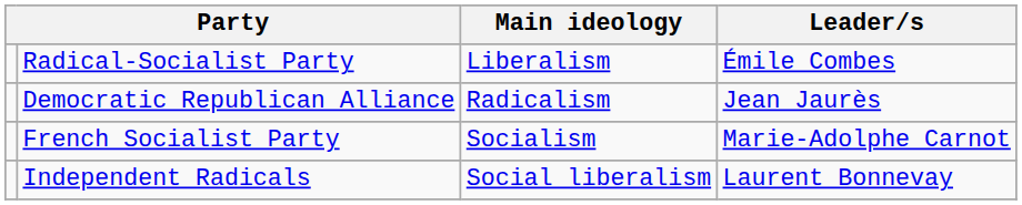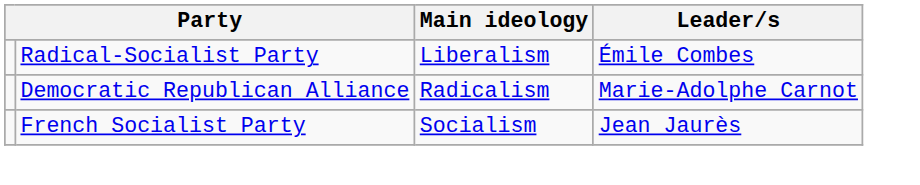 <table class="wikitable" style="font-size:95%">
 <tr>
 <th colspan=2>Party</th>
 <th>Main ideology</th>
 <th>Leader/s</th>
 </tr>
 <tr>
 <td></td>
 <td><a href='#'>Radical-Socialist Party</a></td>
 <td><a href='#'>Liberalism</a></td>
 <td><a href='#'>Émile Combes</a> </td>
 </tr>
 <tr>
 <td></td>
 <td><a href='#'>Democratic Republican Alliance</a></td>
 <td><a href='#'>Radicalism</a></td>
-<td><a href='#'>Jean Jaurès</a></td>
+<td><a href='#'>Marie-Adolphe Carnot</a></td>
 </tr>
 <tr>
 <td></td>
 <td><a href='#'>French Socialist Party</a></td>
 <td><a href='#'>Socialism</a></td>
-<td><a href='#'>Marie-Adolphe Carnot</a></td>
-</tr>
-<tr>
-<td></td>
-<td><a href='#'>Independent Radicals</a></td>
-<td><a href='#'>Social liberalism</a></td>
-<td><a href='#'>Laurent Bonnevay</a></td>
+<td><a href='#'>Jean Jaurès</a></td>
 </tr>
 </table>
